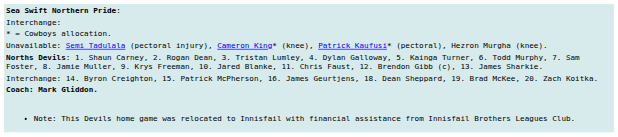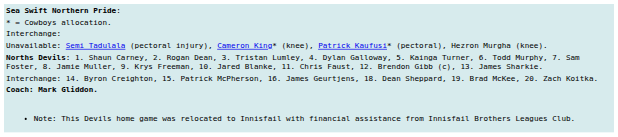 <table style="background:#d7ebed; font-size:85%; width:100%;">
 <tr>
 <td><strong>Sea Swift Northern Pride</strong>:             </td>
 </tr>
 <tr>
-<td>Interchange:    </td>
+<td>* = Cowboys allocation.</td>
 </tr>
 <tr>
-<td>* = Cowboys allocation.</td>
+<td>Interchange:    </td>
 </tr>
 <tr>
 <td>Unavailable: <a href='#'>Semi Tadulala</a> (pectoral injury), <a href='#'>Cameron King</a>* (knee), <a href='#'>Patrick Kaufusi</a>* (pectoral), Hezron Murgha (knee).</td>
 </tr>
 <tr>
 <td><strong>Norths Devils</strong>: 1. Shaun Carney, 2. Rogan Dean, 3. Tristan Lumley, 4. Dylan Galloway, 5. Kainga Turner, 6. Todd Murphy, 7. Sam Foster, 8. Jamie Muller, 9. Krys Freeman, 10. Jared Blanke, 11. Chris Faust, 12. Brendon Gibb (c), 13. James Sharkie.</td>
 </tr>
 <tr>
 <td>Interchange: 14. Byron Creighton, 15. Patrick McPherson, 16. James Geurtjens, 18. Dean Sheppard, 19. Brad McKee, 20. Zach Koitka.</td>
 </tr>
 <tr>
 <td><strong>Coach: Mark Gliddon.</strong></td>
 </tr>
 <tr>
 <td><br><ul><li>Note: This Devils home game was relocated to Innisfail with financial assistance from Innisfail Brothers Leagues Club.</li></ul></td>
 </tr>
 </table>
